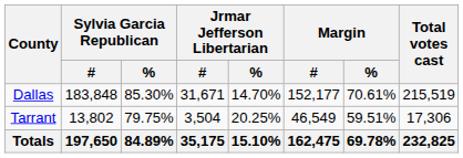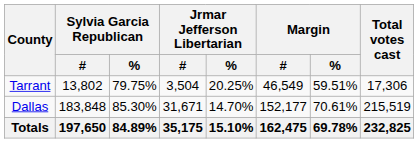 <table width="60%"  class="wikitable sortable" style="text-align:center">
 <tr>
 <th rowspan="2">County</th>
 <th style="text-align:center;" colspan="2">Sylvia Garcia<br>Republican</th>
 <th style="text-align:center;" colspan="2">Jrmar Jefferson<br>Libertarian</th>
 <th style="text-align:center;" colspan="2">Margin</th>
 <th rowspan="2" style="text-align:center;">Total votes cast</th>
 </tr>
 <tr>
 <th style="text-align:center;" data-sort-type="number">#</th>
 <th style="text-align:center;" data-sort-type="number">%</th>
 <th style="text-align:center;" data-sort-type="number">#</th>
 <th style="text-align:center;" data-sort-type="number">%</th>
 <th style="text-align:center;" data-sort-type="number">#</th>
 <th style="text-align:center;" data-sort-type="number">%</th>
 </tr>
 <tr style="text-align:center;">
+<td style="color:black;background-color:"><a href='#'>Tarrant</a></td>
+<td style="color:black;background-color:">13,802</td>
+<td style="color:black;background-color:">79.75%</td>
+<td style="background:">3,504</td>
+<td style="background:">20.25%</td>
+<td style="color:black;background-color:">46,549</td>
+<td style="color:black;background-color:">59.51%</td>
+<td style="color:black;background-color:">17,306</td>
+</tr>
+<tr style="text-align:center;">
 <td style="color:black;background-color:"><a href='#'>Dallas</a></td>
 <td style="color:black;background-color:">183,848</td>
 <td style="color:black;background-color:">85.30%</td>
 <td style="background:">31,671</td>
 <td style="background:">14.70%</td>
 <td style="color:black;background-color:">152,177</td>
 <td style="color:black;background-color:">70.61%</td>
 <td style="color:black;background-color:">215,519</td>
-</tr>
-<tr style="text-align:center;">
-<td style="color:black;background-color:"><a href='#'>Tarrant</a></td>
-<td style="color:black;background-color:">13,802</td>
-<td style="color:black;background-color:">79.75%</td>
-<td style="background:">3,504</td>
-<td style="background:">20.25%</td>
-<td style="color:black;background-color:">46,549</td>
-<td style="color:black;background-color:">59.51%</td>
-<td style="color:black;background-color:">17,306</td>
 </tr>
 <tr style="text-align:center;">
 <th>Totals</th>
 <th>197,650</th>
 <th>84.89%</th>
 <th>35,175</th>
 <th>15.10%</th>
 <th>162,475</th>
 <th>69.78%</th>
 <th>232,825</th>
 </tr>
 </table>
